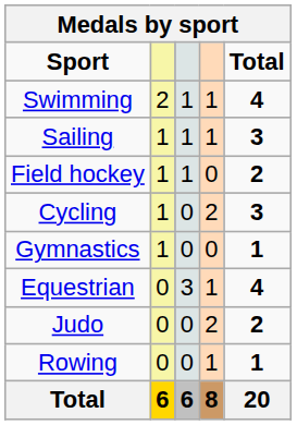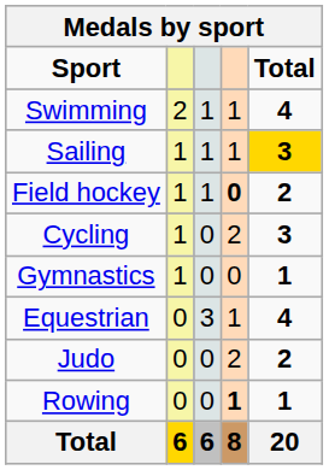 <table class="wikitable" style="font-size:85%">
 <tr style="background:#efefef;">
 <th colspan=5>Medals by sport</th>
 </tr>
 <tr align=center>
 <td><strong>Sport</strong></td>
 <td bgcolor=#f7f6a8></td>
 <td bgcolor=#dce5e5></td>
 <td bgcolor=#ffdab9></td>
 <td><strong>Total</strong></td>
 </tr>
 <tr align=center>
 <td><a href='#'>Swimming</a></td>
 <td style="background:#F7F6A8;">2</td>
 <td style="background:#DCE5E5;">1</td>
 <td style="background:#FFDAB9;">1</td>
 <td><strong>4</strong></td>
 </tr>
 <tr align=center>
 <td><a href='#'>Sailing</a></td>
 <td style="background:#F7F6A8;">1</td>
 <td style="background:#DCE5E5;">1</td>
 <td style="background:#FFDAB9;">1</td>
-<td><strong>3</strong></td>
+<td style="background: gold;"><strong>3</strong></td>
 </tr>
 <tr align=center>
 <td><a href='#'>Field hockey</a></td>
 <td style="background:#F7F6A8;">1</td>
 <td style="background:#DCE5E5;">1</td>
-<td style="background:#FFDAB9;">0</td>
+<td style="background:#FFDAB9;"><strong>0</strong></td>
 <td><strong>2</strong></td>
 </tr>
 <tr align=center>
 <td><a href='#'>Cycling</a></td>
 <td style="background:#F7F6A8;">1</td>
 <td style="background:#DCE5E5;">0</td>
 <td style="background:#FFDAB9;">2</td>
 <td><strong>3</strong></td>
 </tr>
 <tr align=center>
 <td><a href='#'>Gymnastics</a></td>
 <td style="background:#F7F6A8;">1</td>
 <td style="background:#DCE5E5;">0</td>
 <td style="background:#FFDAB9;">0</td>
 <td><strong>1</strong></td>
 </tr>
 <tr align=center>
 <td><a href='#'>Equestrian</a></td>
 <td style="background:#F7F6A8;">0</td>
 <td style="background:#DCE5E5;">3</td>
 <td style="background:#FFDAB9;">1</td>
 <td><strong>4</strong></td>
 </tr>
 <tr align=center>
 <td><a href='#'>Judo</a></td>
 <td style="background:#F7F6A8;">0</td>
 <td style="background:#DCE5E5;">0</td>
 <td style="background:#FFDAB9;">2</td>
 <td><strong>2</strong></td>
 </tr>
 <tr align=center>
 <td><a href='#'>Rowing</a></td>
 <td style="background:#F7F6A8;">0</td>
 <td style="background:#DCE5E5;">0</td>
-<td style="background:#FFDAB9;">1</td>
+<td style="background:#FFDAB9;"><strong>1</strong></td>
 <td><strong>1</strong></td>
 </tr>
 <tr align=center>
 <th>Total</th>
 <th style="background:gold;">6</th>
 <th style="background:silver;">6</th>
 <th style="background:#c96;">8</th>
 <th>20</th>
 </tr>
 </table>
